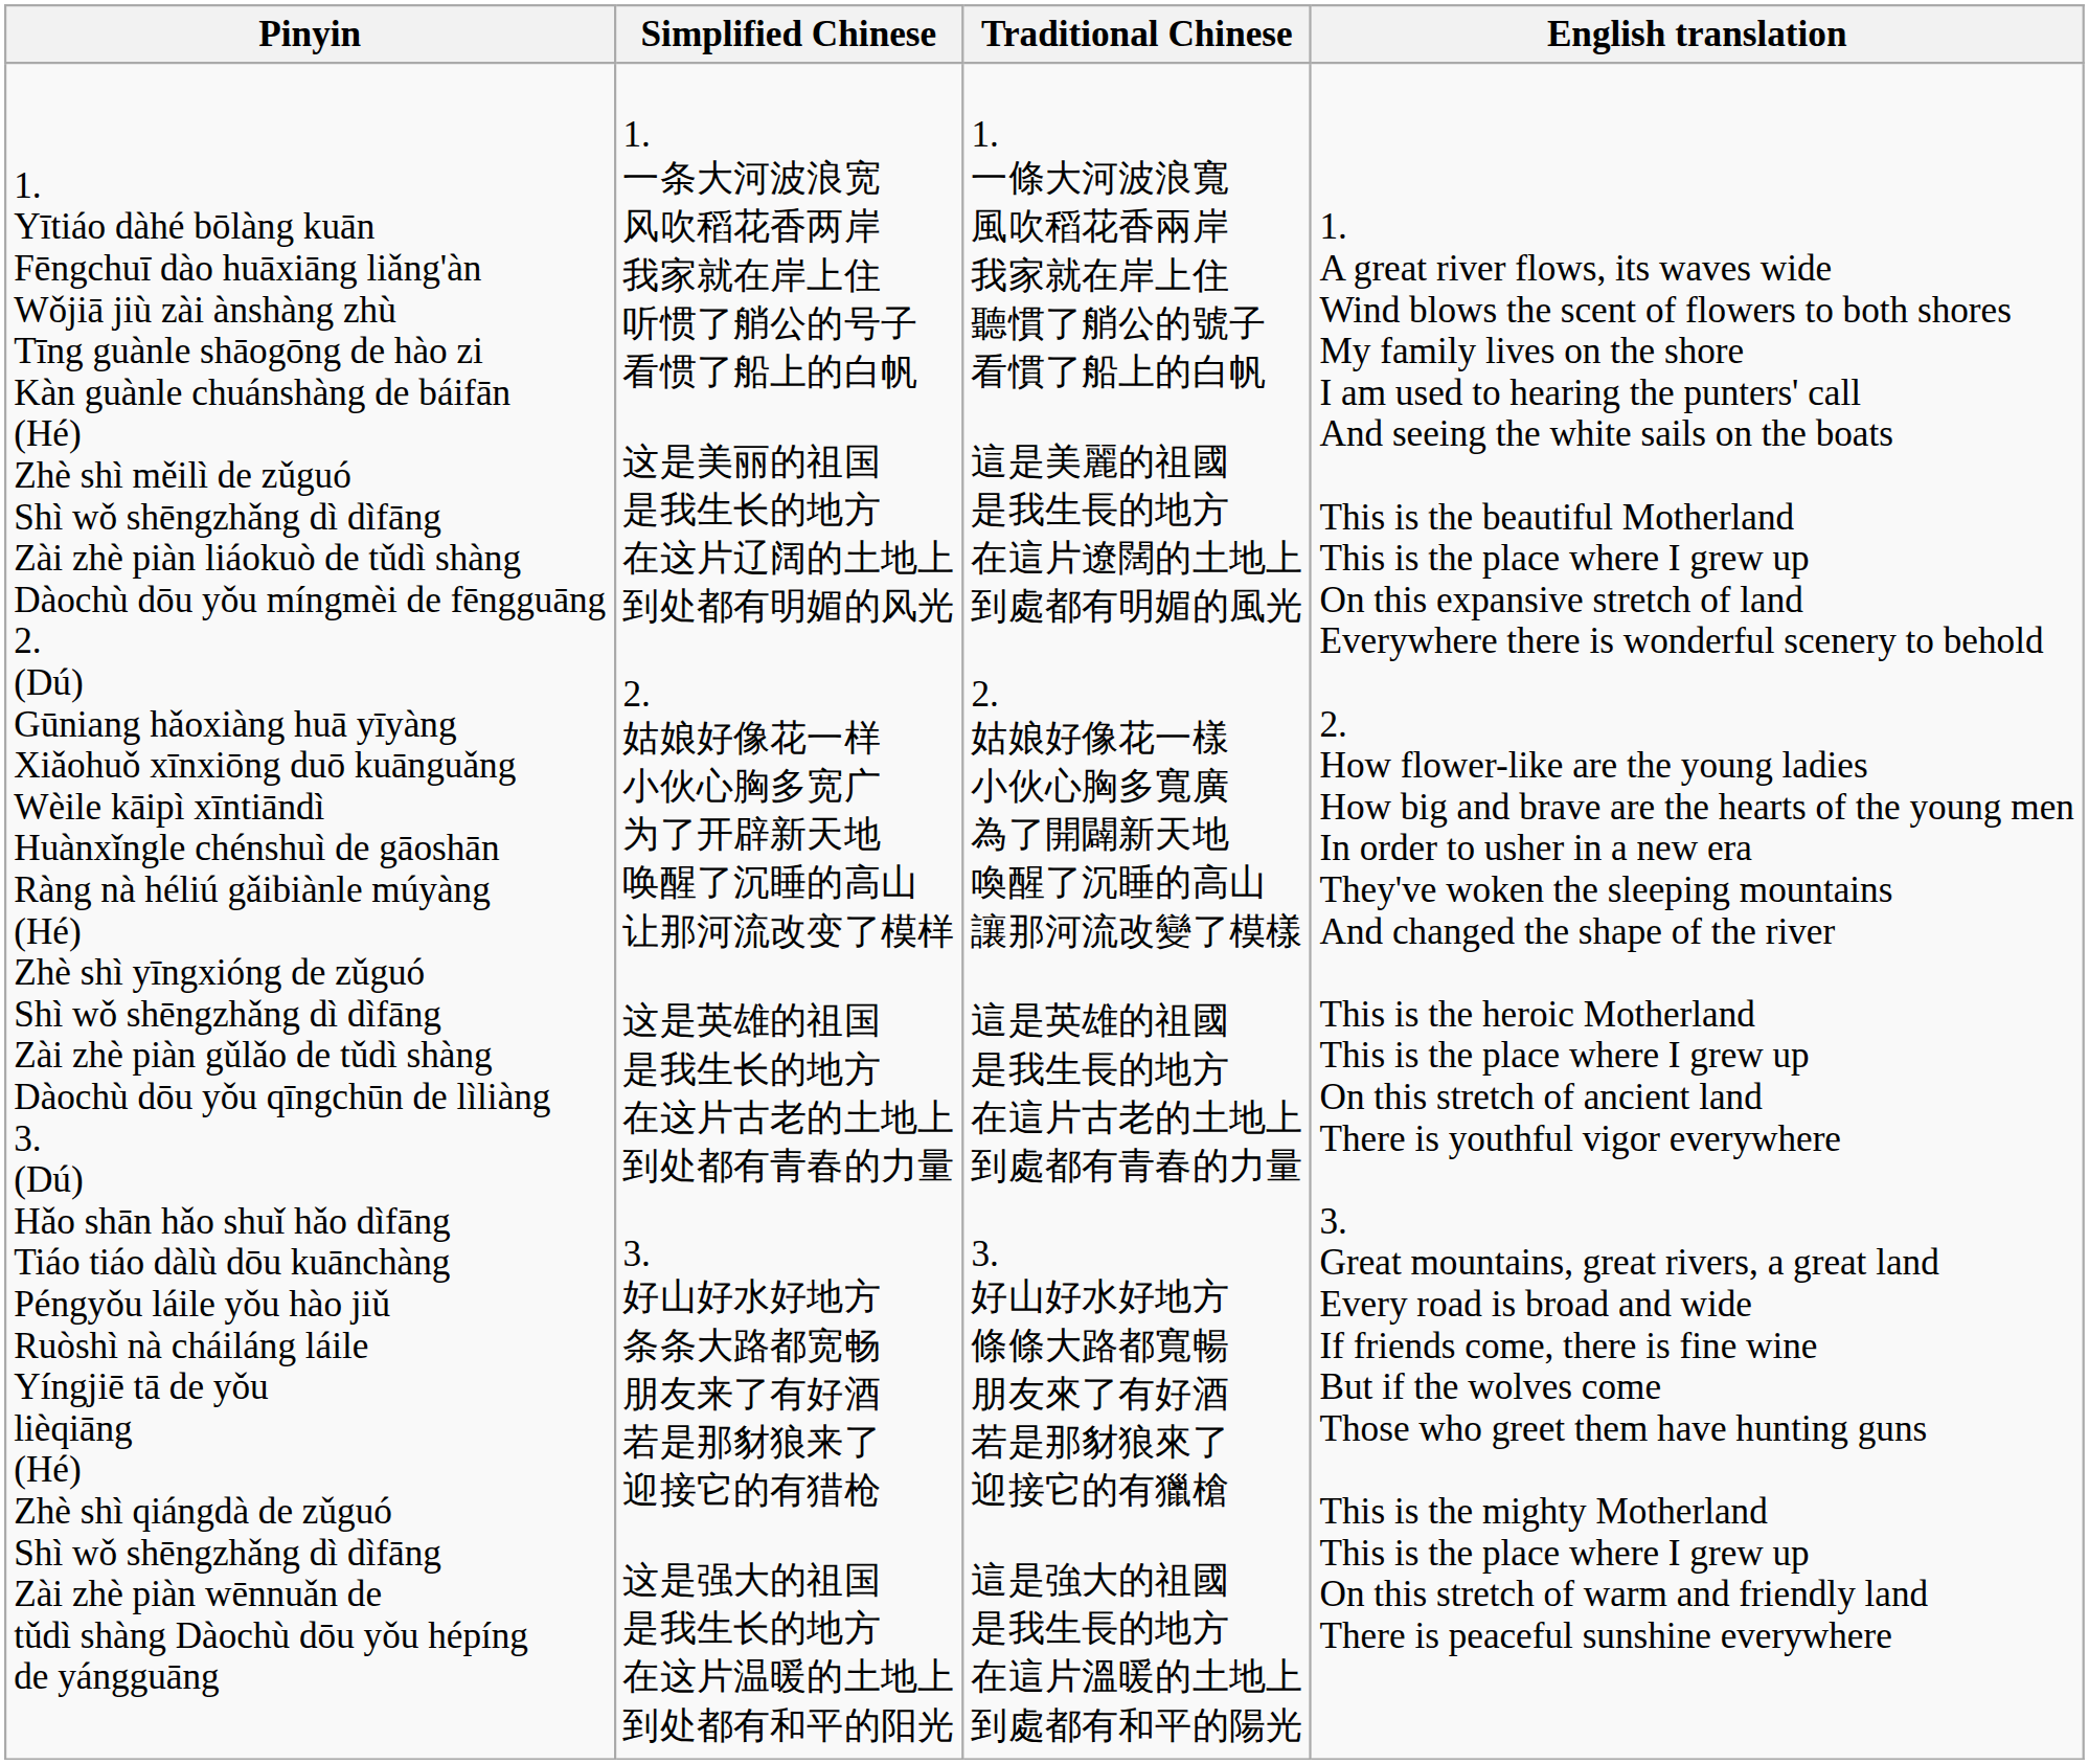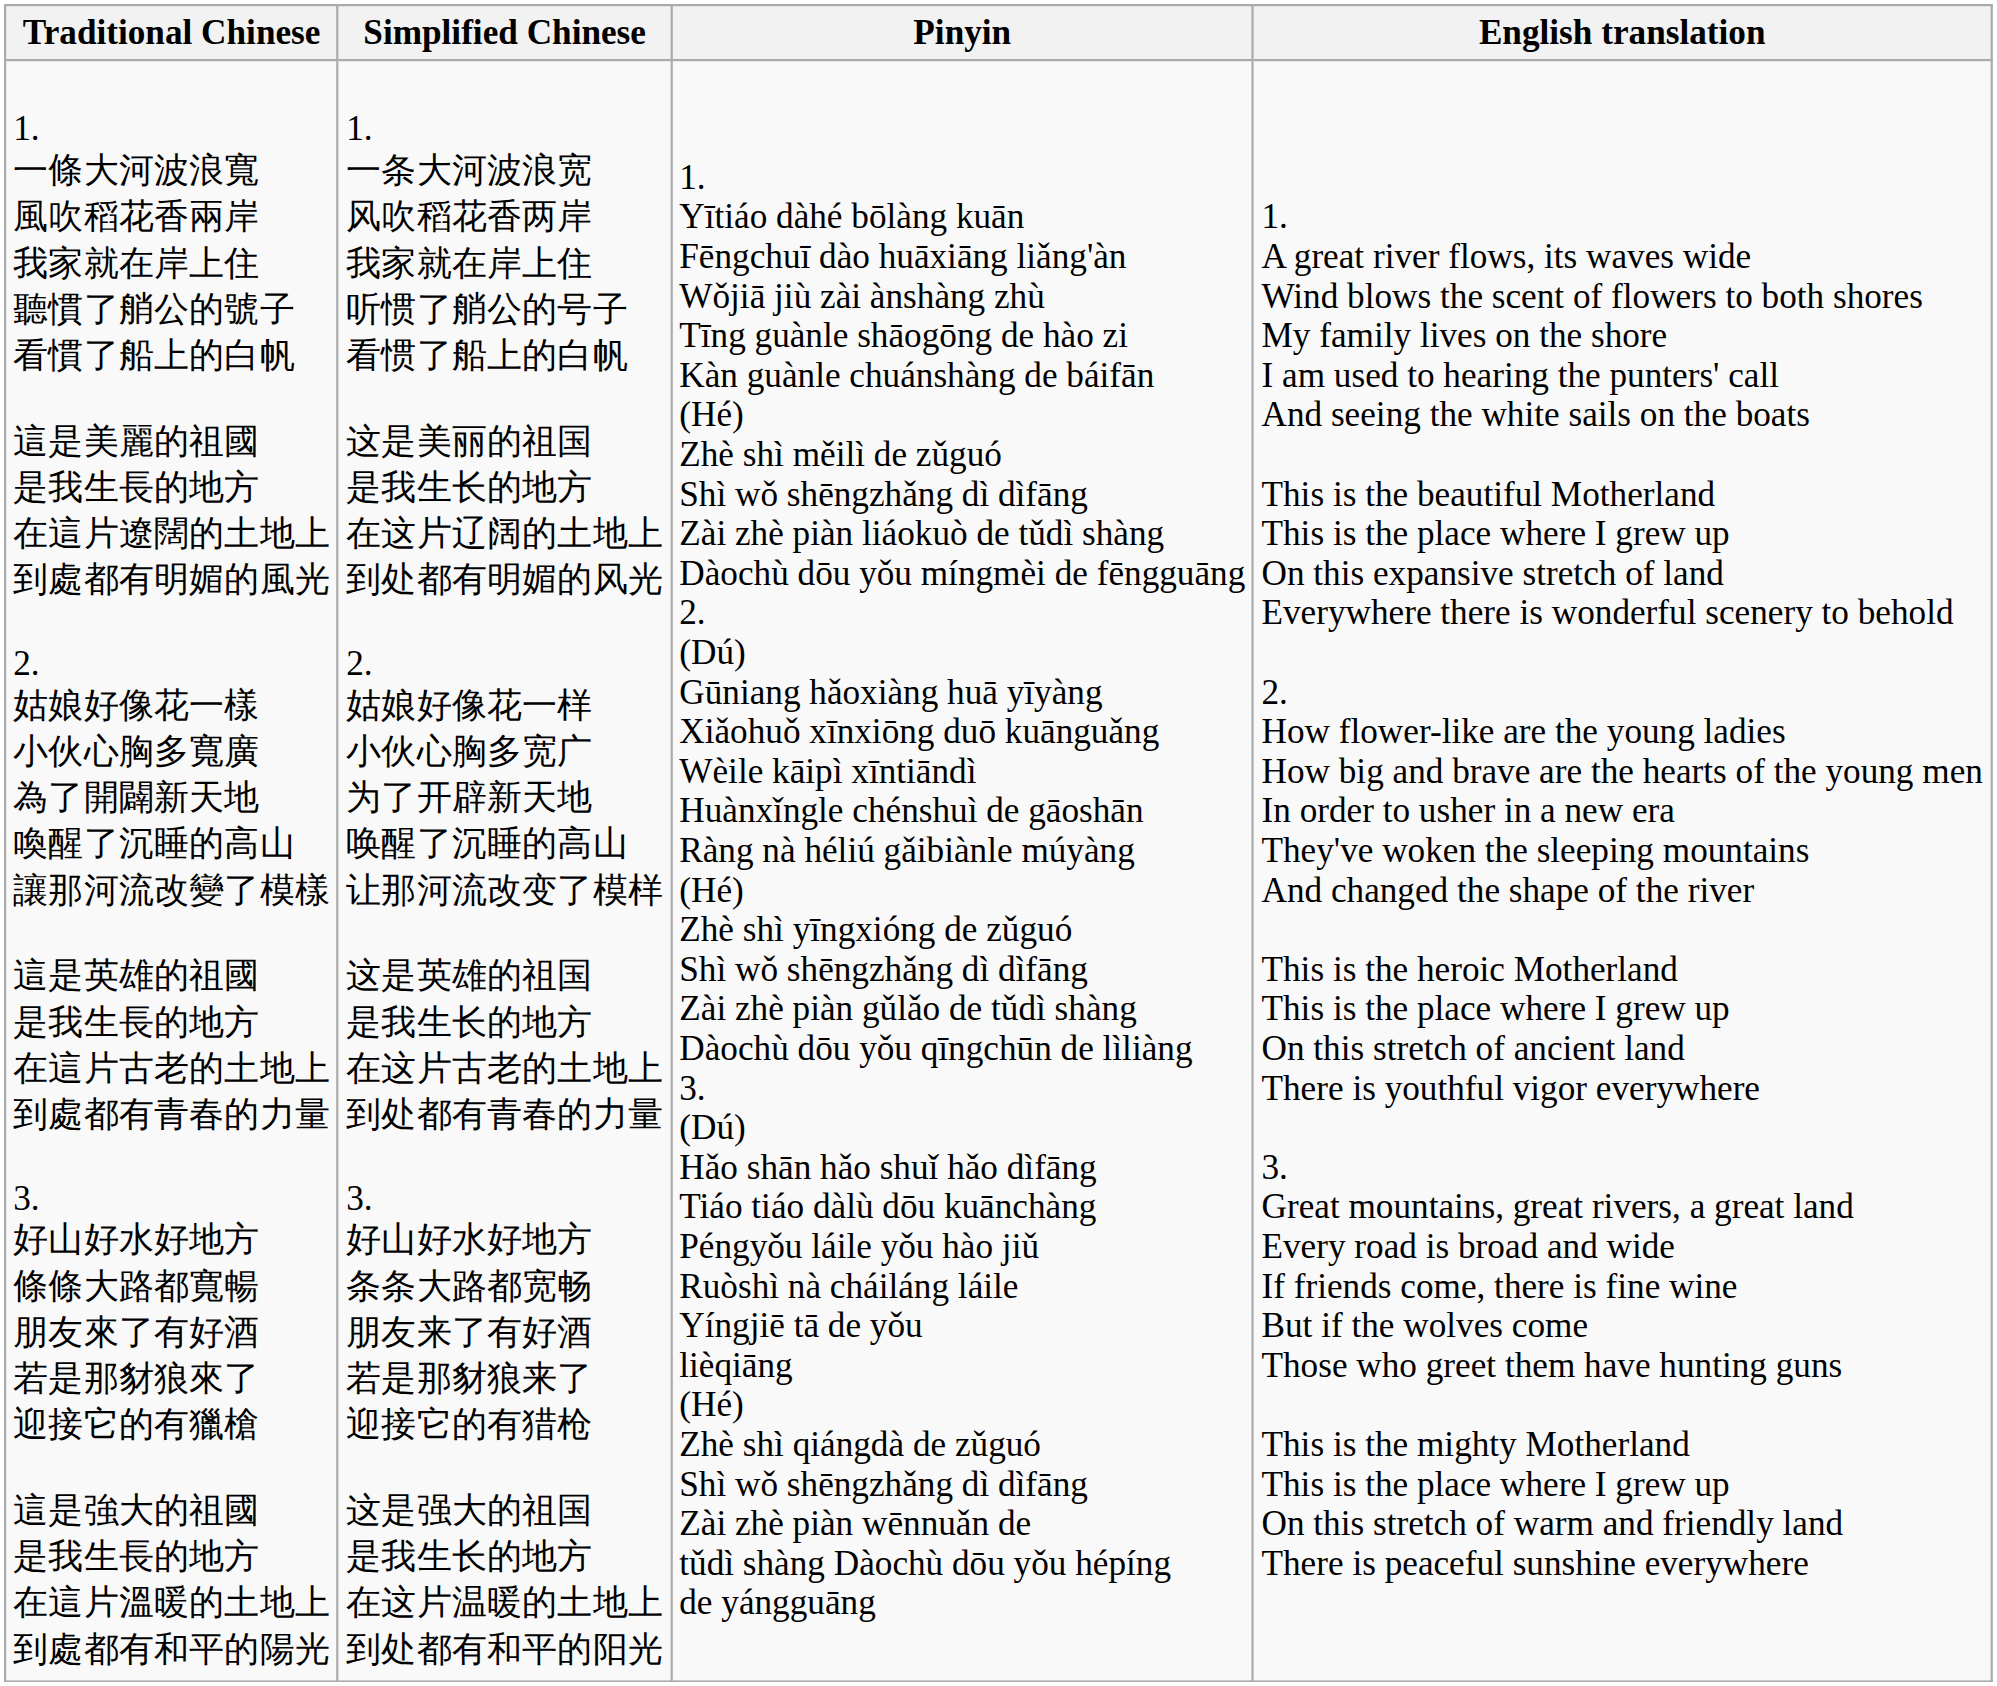 <table class="wikitable">
 <tr>
+<th>Traditional Chinese</th>
+<th>Simplified Chinese </th>
 <th>Pinyin</th>
-<th>Simplified Chinese </th>
-<th>Traditional Chinese</th>
 <th>English translation</th>
 </tr>
 <tr>
+<td><br>1.<br>一條大河波浪寬<br> 風吹稻花香兩岸<br> 我家就在岸上住<br> 聽慣了艄公的號子<br> 看慣了船上的白帆<br> <br>這是美麗的祖國<br> 是我生長的地方<br> 在這片遼闊的土地上<br> 到處都有明媚的風光<br> <br> 2.<br>姑娘好像花一樣<br> 小伙心胸多寬廣<br> 為了開闢新天地<br> 喚醒了沉睡的高山<br> 讓那河流改變了模樣<br> <br>這是英雄的祖國<br> 是我生長的地方<br> 在這片古老的土地上<br> 到處都有青春的力量<br> <br> 3.<br>好山好水好地方<br> 條條大路都寬暢<br> 朋友來了有好酒<br> 若是那豺狼來了<br> 迎接它的有獵槍<br> <br>這是強大的祖國<br> 是我生長的地方<br> 在這片溫暖的土地上<br> 到處都有和平的陽光<br></td>
+<td><br>1.<br>一条大河波浪宽<br> 风吹稻花香两岸<br> 我家就在岸上住<br> 听惯了艄公的号子<br> 看惯了船上的白帆<br> <br>这是美丽的祖国<br> 是我生长的地方<br> 在这片辽阔的土地上<br> 到处都有明媚的风光<br> <br> 2.<br>姑娘好像花一样<br> 小伙心胸多宽广<br> 为了开辟新天地<br> 唤醒了沉睡的高山<br> 让那河流改变了模样<br> <br>这是英雄的祖国<br> 是我生长的地方<br> 在这片古老的土地上<br> 到处都有青春的力量<br> <br> 3.<br>好山好水好地方<br> 条条大路都宽畅<br> 朋友来了有好酒<br> 若是那豺狼来了<br> 迎接它的有猎枪<br> <br>这是强大的祖国<br> 是我生长的地方<br> 在这片温暖的土地上<br> 到处都有和平的阳光<br></td>
 <td><br>1.<br> Yītiáo dàhé bōlàng kuān<br> Fēngchuī dào huāxiāng liǎng'àn<br> Wǒjiā jiù zài ànshàng zhù<br> Tīng guànle shāogōng de hào zi<br> Kàn guànle chuánshàng de báifān<br>(Hé)<br>Zhè shì měilì de zǔguó<br> Shì wǒ shēngzhǎng dì dìfāng<br> Zài zhè piàn liáokuò de tǔdì shàng<br> Dàochù dōu yǒu míngmèi de fēngguāng<br>2.<br>(Dú)<br> Gūniang hǎoxiàng huā yīyàng<br> Xiǎohuǒ xīnxiōng duō kuānguǎng<br> Wèile kāipì xīntiāndì<br> Huànxǐngle chénshuì de gāoshān<br> Ràng nà héliú gǎibiànle múyàng<br>(Hé)<br> Zhè shì yīngxióng de zǔguó<br> Shì wǒ shēngzhǎng dì dìfāng <br> Zài zhè piàn gǔlǎo de tǔdì shàng<br>Dàochù dōu yǒu qīngchūn de lìliàng<br>3.<br>(Dú)<br> Hǎo shān hǎo shuǐ hǎo dìfāng<br>Tiáo tiáo dàlù dōu kuānchàng<br>Péngyǒu láile yǒu hào jiǔ<br>Ruòshì nà cháiláng láile<br>Yíngjiē tā de yǒu <br>lièqiāng<br>(Hé)<br> Zhè shì qiángdà de zǔguó<br> Shì wǒ shēngzhǎng dì dìfāng<br> Zài zhè piàn wēnnuǎn de <br>tǔdì shàng Dàochù dōu yǒu hépíng<br> de yángguāng</td>
-<td><br>1.<br>一条大河波浪宽<br> 风吹稻花香两岸<br> 我家就在岸上住<br> 听惯了艄公的号子<br> 看惯了船上的白帆<br> <br>这是美丽的祖国<br> 是我生长的地方<br> 在这片辽阔的土地上<br> 到处都有明媚的风光<br> <br> 2.<br>姑娘好像花一样<br> 小伙心胸多宽广<br> 为了开辟新天地<br> 唤醒了沉睡的高山<br> 让那河流改变了模样<br> <br>这是英雄的祖国<br> 是我生长的地方<br> 在这片古老的土地上<br> 到处都有青春的力量<br> <br> 3.<br>好山好水好地方<br> 条条大路都宽畅<br> 朋友来了有好酒<br> 若是那豺狼来了<br> 迎接它的有猎枪<br> <br>这是强大的祖国<br> 是我生长的地方<br> 在这片温暖的土地上<br> 到处都有和平的阳光<br></td>
-<td><br>1.<br>一條大河波浪寬<br> 風吹稻花香兩岸<br> 我家就在岸上住<br> 聽慣了艄公的號子<br> 看慣了船上的白帆<br> <br>這是美麗的祖國<br> 是我生長的地方<br> 在這片遼闊的土地上<br> 到處都有明媚的風光<br> <br> 2.<br>姑娘好像花一樣<br> 小伙心胸多寬廣<br> 為了開闢新天地<br> 喚醒了沉睡的高山<br> 讓那河流改變了模樣<br> <br>這是英雄的祖國<br> 是我生長的地方<br> 在這片古老的土地上<br> 到處都有青春的力量<br> <br> 3.<br>好山好水好地方<br> 條條大路都寬暢<br> 朋友來了有好酒<br> 若是那豺狼來了<br> 迎接它的有獵槍<br> <br>這是強大的祖國<br> 是我生長的地方<br> 在這片溫暖的土地上<br> 到處都有和平的陽光<br></td>
 <td><br>1.<br>A great river flows, its waves wide<br> Wind blows the scent of flowers to both shores<br> My family lives on the shore<br> I am used to hearing the punters' call<br> And seeing the white sails on the boats<br> <br>This is the beautiful Motherland<br> This is the place where I grew up<br> On this expansive stretch of land<br> Everywhere there is wonderful scenery to behold<br> <br> 2.<br>How flower-like are the young ladies<br> How big and brave are the hearts of the young men<br> In order to usher in a new era<br> They've woken the sleeping mountains<br> And changed the shape of the river<br> <br>This is the heroic Motherland<br> This is the place where I grew up<br> On this stretch of ancient land<br> There is youthful vigor everywhere<br> <br> 3.<br>Great mountains, great rivers, a great land<br> Every road is broad and wide<br> If friends come, there is fine wine<br> But if the wolves come<br> Those who greet them have hunting guns<br> <br>This is the mighty Motherland<br> This is the place where I grew up<br> On this stretch of warm and friendly land<br> There is peaceful sunshine everywhere<br></td>
 </tr>
 </table>
